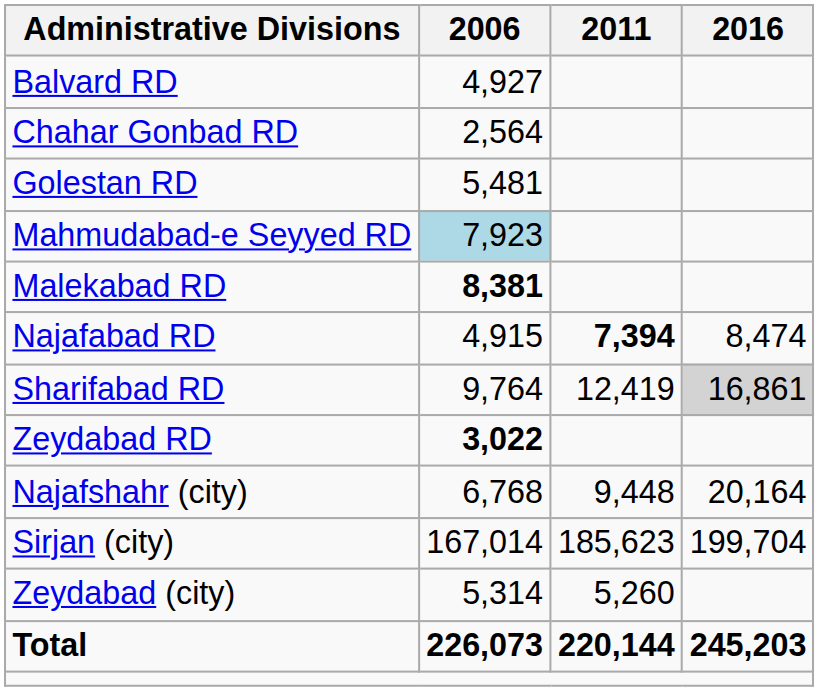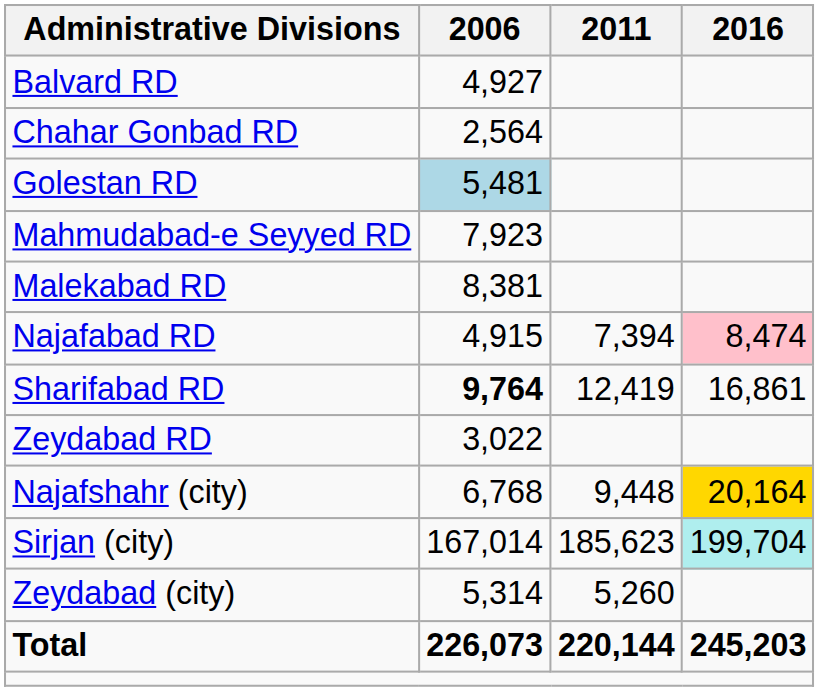 <table class="wikitable">
 <tr>
 <th>Administrative Divisions</th>
 <th>2006</th>
 <th>2011</th>
 <th>2016</th>
 </tr>
 <tr>
 <td><a href='#'>Balvard RD</a></td>
 <td style="text-align: right;">4,927</td>
 <td style="text-align: right;"></td>
 <td style="text-align: right;"></td>
 </tr>
 <tr>
 <td><a href='#'>Chahar Gonbad RD</a></td>
 <td style="text-align: right;">2,564</td>
 <td style="text-align: right;"></td>
 <td style="text-align: right;"></td>
 </tr>
 <tr>
 <td><a href='#'>Golestan RD</a></td>
-<td style="text-align: right;">5,481</td>
+<td style="background: lightblue; text-align: right;">5,481</td>
 <td style="text-align: right;"></td>
 <td style="text-align: right;"></td>
 </tr>
 <tr>
 <td><a href='#'>Mahmudabad-e Seyyed RD</a></td>
-<td style="background: lightblue; text-align: right;">7,923</td>
+<td style="text-align: right;">7,923</td>
 <td style="text-align: right;"></td>
 <td style="text-align: right;"></td>
 </tr>
 <tr>
 <td><a href='#'>Malekabad RD</a></td>
-<td style="text-align: right;"><strong>8,381</strong></td>
+<td style="text-align: right;">8,381</td>
 <td style="text-align: right;"></td>
 <td style="text-align: right;"></td>
 </tr>
 <tr>
 <td><a href='#'>Najafabad RD</a></td>
 <td style="text-align: right;">4,915</td>
-<td style="text-align: right;"><strong>7,394</strong></td>
-<td style="text-align: right;">8,474</td>
+<td style="text-align: right;">7,394</td>
+<td style="background: pink; text-align: right;">8,474</td>
 </tr>
 <tr>
 <td><a href='#'>Sharifabad RD</a></td>
-<td style="text-align: right;">9,764</td>
+<td style="text-align: right;"><strong>9,764</strong></td>
 <td style="text-align: right;">12,419</td>
-<td style="background: lightgrey; text-align: right;">16,861</td>
+<td style="text-align: right;">16,861</td>
 </tr>
 <tr>
 <td><a href='#'>Zeydabad RD</a></td>
-<td style="text-align: right;"><strong>3,022</strong></td>
+<td style="text-align: right;">3,022</td>
 <td style="text-align: right;"></td>
 <td style="text-align: right;"></td>
 </tr>
 <tr>
 <td><a href='#'>Najafshahr</a> (city)</td>
 <td style="text-align: right;">6,768</td>
 <td style="text-align: right;">9,448</td>
-<td style="text-align: right;">20,164</td>
+<td style="background: gold; text-align: right;">20,164</td>
 </tr>
 <tr>
 <td><a href='#'>Sirjan</a> (city)</td>
 <td style="text-align: right;">167,014</td>
 <td style="text-align: right;">185,623</td>
-<td style="text-align: right;">199,704</td>
+<td style="background: paleturquoise; text-align: right;">199,704</td>
 </tr>
 <tr>
 <td><a href='#'>Zeydabad</a> (city)</td>
 <td style="text-align: right;">5,314</td>
 <td style="text-align: right;">5,260</td>
 <td style="text-align: right;"></td>
 </tr>
 <tr>
 <td><strong>Total</strong></td>
 <td style="text-align: right;"><strong>226,073</strong></td>
 <td style="text-align: right;"><strong>220,144</strong></td>
 <td style="text-align: right;"><strong>245,203</strong></td>
 </tr>
 <tr>
 <td colspan=4></td>
 </tr>
 </table>
